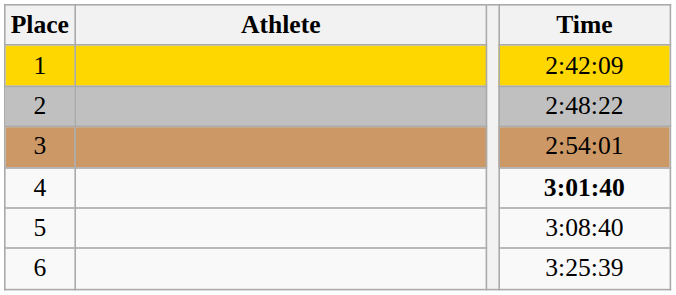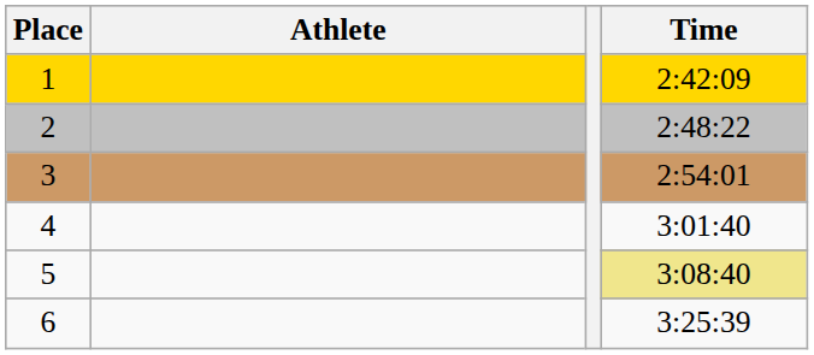 <table class="wikitable" style="text-align:center">
 <tr>
 <th>Place</th>
 <th width=250>Athlete</th>
 <th rowspan=27></th>
 <th width=100>Time</th>
 </tr>
 <tr bgcolor=gold>
 <td>1</td>
 <td align=left></td>
 <td>2:42:09</td>
 </tr>
 <tr bgcolor=silver>
 <td>2</td>
 <td align=left></td>
 <td>2:48:22</td>
 </tr>
 <tr bgcolor=cc9966>
 <td>3</td>
 <td align=left></td>
 <td>2:54:01</td>
 </tr>
 <tr>
 <td>4</td>
 <td align=left></td>
-<td><strong>3:01:40</strong></td>
+<td>3:01:40</td>
 </tr>
 <tr>
 <td>5</td>
 <td align=left></td>
-<td>3:08:40</td>
+<td style="background: khaki;">3:08:40</td>
 </tr>
 <tr>
 <td>6</td>
 <td align=left></td>
 <td>3:25:39</td>
 </tr>
 </table>
